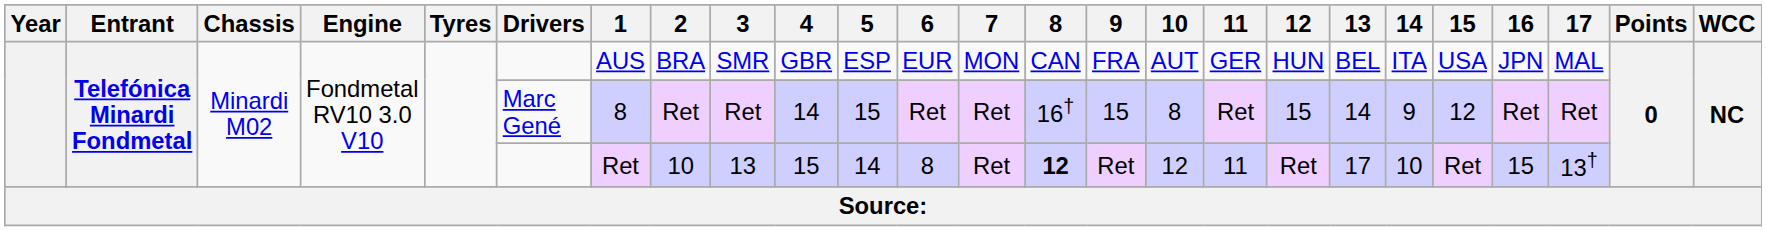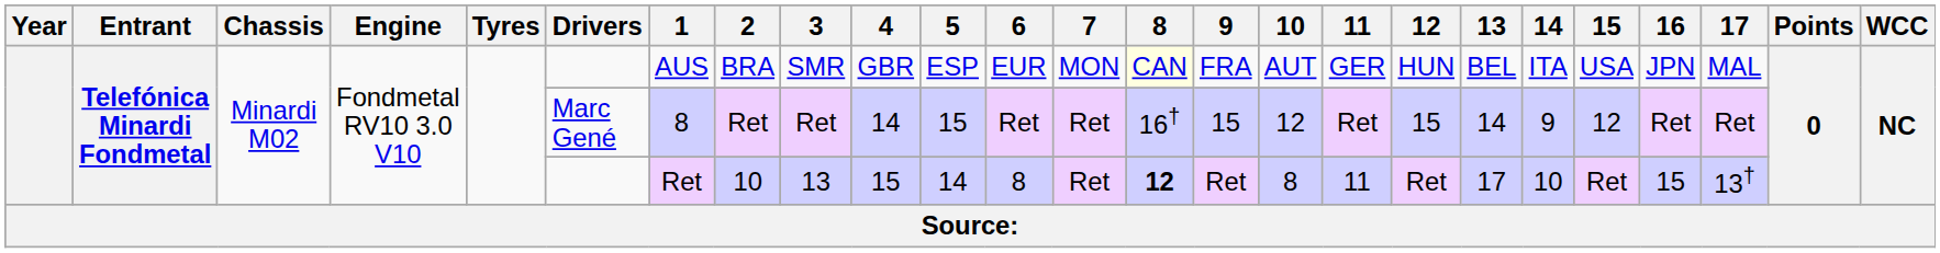 <table class="wikitable" style="text-align:center; font-size:85%">
 <tr>
 <th>Year</th>
 <th>Entrant</th>
 <th>Chassis</th>
 <th>Engine</th>
 <th>Tyres</th>
 <th>Drivers</th>
 <th>1</th>
 <th>2</th>
 <th>3</th>
 <th>4</th>
 <th>5</th>
 <th>6</th>
 <th>7</th>
 <th>8</th>
 <th>9</th>
 <th>10</th>
 <th>11</th>
 <th>12</th>
 <th>13</th>
 <th>14</th>
 <th>15</th>
 <th>16</th>
 <th>17</th>
 <th>Points</th>
 <th>WCC</th>
 </tr>
 <tr>
 <th rowspan="3"></th>
 <th rowspan="3"><a href='#'>Telefónica Minardi Fondmetal</a></th>
 <td rowspan="3"><a href='#'>Minardi M02</a></td>
 <td rowspan="3">Fondmetal RV10 3.0 <a href='#'>V10</a></td>
 <td rowspan="3"></td>
 <td></td>
 <td><a href='#'>AUS</a></td>
 <td><a href='#'>BRA</a></td>
 <td><a href='#'>SMR</a></td>
 <td><a href='#'>GBR</a></td>
 <td><a href='#'>ESP</a></td>
 <td><a href='#'>EUR</a></td>
 <td><a href='#'>MON</a></td>
-<td><a href='#'>CAN</a></td>
+<td style="background: lightyellow;"><a href='#'>CAN</a></td>
 <td><a href='#'>FRA</a></td>
 <td><a href='#'>AUT</a></td>
 <td><a href='#'>GER</a></td>
 <td><a href='#'>HUN</a></td>
 <td><a href='#'>BEL</a></td>
 <td><a href='#'>ITA</a></td>
 <td><a href='#'>USA</a></td>
 <td><a href='#'>JPN</a></td>
 <td><a href='#'>MAL</a></td>
 <th rowspan="3">0</th>
 <th rowspan="3">NC</th>
 </tr>
 <tr>
 <td align="left"> <a href='#'>Marc Gené</a></td>
 <td style="background:#CFCFFF;">8</td>
 <td style="background:#EFCFFF;">Ret</td>
 <td style="background:#EFCFFF;">Ret</td>
 <td style="background:#CFCFFF;">14</td>
 <td style="background:#CFCFFF;">15</td>
 <td style="background:#EFCFFF;">Ret</td>
 <td style="background:#EFCFFF;">Ret</td>
 <td style="background:#CFCFFF;">16<sup>†</sup></td>
 <td style="background:#CFCFFF;">15</td>
-<td style="background:#CFCFFF;">8</td>
+<td style="background:#CFCFFF;">12</td>
 <td style="background:#EFCFFF;">Ret</td>
 <td style="background:#CFCFFF;">15</td>
 <td style="background:#CFCFFF;">14</td>
 <td style="background:#CFCFFF;">9</td>
 <td style="background:#CFCFFF;">12</td>
 <td style="background:#EFCFFF;">Ret</td>
 <td style="background:#EFCFFF;">Ret</td>
 </tr>
 <tr>
 <td align="left"></td>
 <td style="background:#EFCFFF;">Ret</td>
 <td style="background:#CFCFFF;">10</td>
 <td style="background:#CFCFFF;">13</td>
 <td style="background:#CFCFFF;">15</td>
 <td style="background:#CFCFFF;">14</td>
 <td style="background:#CFCFFF;">8</td>
 <td style="background:#EFCFFF;">Ret</td>
 <td style="background:#CFCFFF;"><strong>12</strong></td>
 <td style="background:#EFCFFF;">Ret</td>
-<td style="background:#CFCFFF;">12</td>
+<td style="background:#CFCFFF;">8</td>
 <td style="background:#CFCFFF;">11</td>
 <td style="background:#EFCFFF;">Ret</td>
 <td style="background:#CFCFFF;">17</td>
 <td style="background:#CFCFFF;">10</td>
 <td style="background:#EFCFFF;">Ret</td>
 <td style="background:#CFCFFF;">15</td>
 <td style="background:#CFCFFF;">13<sup>†</sup></td>
 </tr>
 <tr>
 <th colspan="25">Source:</th>
 </tr>
 </table>
